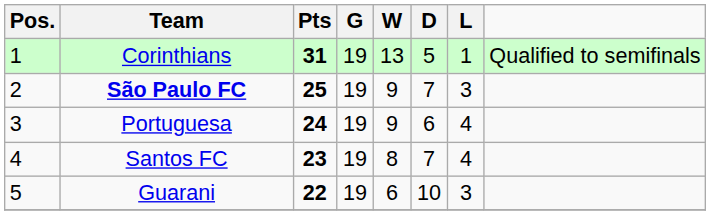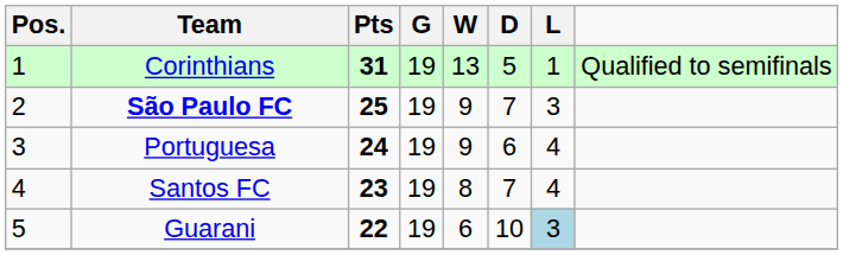 <table class="wikitable" style="text-align: center;">
 <tr>
 <th width="20">Pos.</th>
 <th width="165">Team</th>
 <th width="20">Pts</th>
 <th width="20">G</th>
 <th width="20">W</th>
 <th width="20">D</th>
 <th width="20">L</th>
 </tr>
 <tr bgcolor=#CCFFCC>
 <td style="text-align:left;">1</td>
 <td><a href='#'>Corinthians</a></td>
 <td><strong>31</strong></td>
 <td>19</td>
 <td>13</td>
 <td>5</td>
 <td>1</td>
 <td>Qualified to semifinals</td>
 </tr>
 <tr>
 <td style="text-align:left;">2</td>
 <td><strong><a href='#'>São Paulo FC</a></strong></td>
 <td><strong>25</strong></td>
 <td>19</td>
 <td>9</td>
 <td>7</td>
 <td>3</td>
 <td></td>
 </tr>
 <tr>
 <td style="text-align:left;">3</td>
 <td><a href='#'>Portuguesa</a></td>
 <td><strong>24</strong></td>
 <td>19</td>
 <td>9</td>
 <td>6</td>
 <td>4</td>
 <td></td>
 </tr>
 <tr>
 <td style="text-align:left;">4</td>
 <td><a href='#'>Santos FC</a></td>
 <td><strong>23</strong></td>
 <td>19</td>
 <td>8</td>
 <td>7</td>
 <td>4</td>
 <td></td>
 </tr>
 <tr>
 <td style="text-align:left;">5</td>
 <td><a href='#'>Guarani</a></td>
 <td><strong>22</strong></td>
 <td>19</td>
 <td>6</td>
 <td>10</td>
-<td>3</td>
+<td style="background: lightblue;">3</td>
 <td></td>
 </tr>
 <tr>
 </tr>
 </table>
